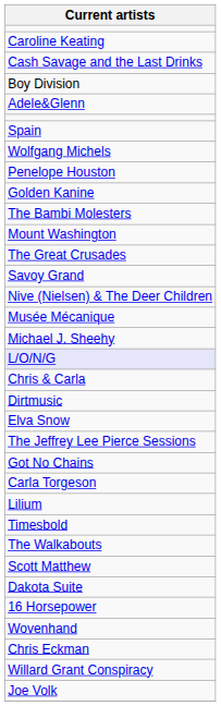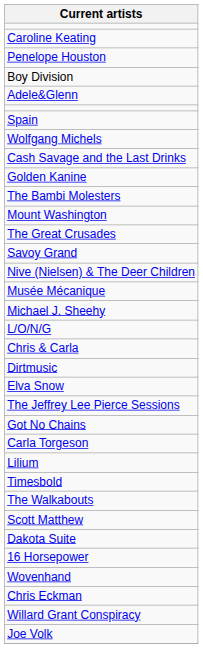 <table class="wikitable sortable">
 <tr>
 <th>Current artists</th>
 </tr>
 <tr>
 <td></td>
 </tr>
 <tr>
 <td><a href='#'>Caroline Keating</a></td>
 </tr>
 <tr>
-<td><a href='#'>Cash Savage and the Last Drinks</a></td>
+<td><a href='#'>Penelope Houston</a></td>
 </tr>
 <tr>
 <td>Boy Division</td>
 </tr>
 <tr>
 <td><a href='#'>Adele&Glenn</a></td>
 </tr>
 <tr>
 <td></td>
 </tr>
 <tr>
 <td><a href='#'>Spain</a></td>
 </tr>
 <tr>
 <td><a href='#'>Wolfgang Michels</a></td>
 </tr>
 <tr>
-<td><a href='#'>Penelope Houston</a></td>
+<td><a href='#'>Cash Savage and the Last Drinks</a></td>
 </tr>
 <tr>
 <td><a href='#'>Golden Kanine</a></td>
 </tr>
 <tr>
 <td><a href='#'>The Bambi Molesters</a></td>
 </tr>
 <tr>
 <td><a href='#'>Mount Washington</a></td>
 </tr>
 <tr>
 <td><a href='#'>The Great Crusades</a></td>
 </tr>
 <tr>
 <td><a href='#'>Savoy Grand</a></td>
 </tr>
 <tr>
 <td><a href='#'>Nive (Nielsen) & The Deer Children</a></td>
 </tr>
 <tr>
 <td><a href='#'>Musée Mécanique</a></td>
 </tr>
 <tr>
 <td><a href='#'>Michael J. Sheehy</a></td>
 </tr>
 <tr>
-<td style="background: lavender;"><a href='#'>L/O/N/G</a></td>
+<td><a href='#'>L/O/N/G</a></td>
 </tr>
 <tr>
 <td><a href='#'>Chris & Carla</a></td>
 </tr>
 <tr>
 <td><a href='#'>Dirtmusic</a></td>
 </tr>
 <tr>
 <td><a href='#'>Elva Snow</a></td>
 </tr>
 <tr>
 <td><a href='#'>The Jeffrey Lee Pierce Sessions</a></td>
 </tr>
 <tr>
 <td><a href='#'>Got No Chains</a></td>
 </tr>
 <tr>
 <td><a href='#'>Carla Torgeson</a></td>
 </tr>
 <tr>
 <td><a href='#'>Lilium</a></td>
 </tr>
 <tr>
 <td><a href='#'>Timesbold</a></td>
 </tr>
 <tr>
 <td><a href='#'>The Walkabouts</a></td>
 </tr>
 <tr>
 <td><a href='#'>Scott Matthew</a></td>
 </tr>
 <tr>
 <td><a href='#'>Dakota Suite</a></td>
 </tr>
 <tr>
 <td><a href='#'>16 Horsepower</a></td>
 </tr>
 <tr>
 <td><a href='#'>Wovenhand</a></td>
 </tr>
 <tr>
 <td><a href='#'>Chris Eckman</a></td>
 </tr>
 <tr>
 <td><a href='#'>Willard Grant Conspiracy</a></td>
 </tr>
 <tr>
 <td><a href='#'>Joe Volk</a></td>
 </tr>
 <tr>
 </tr>
 </table>
